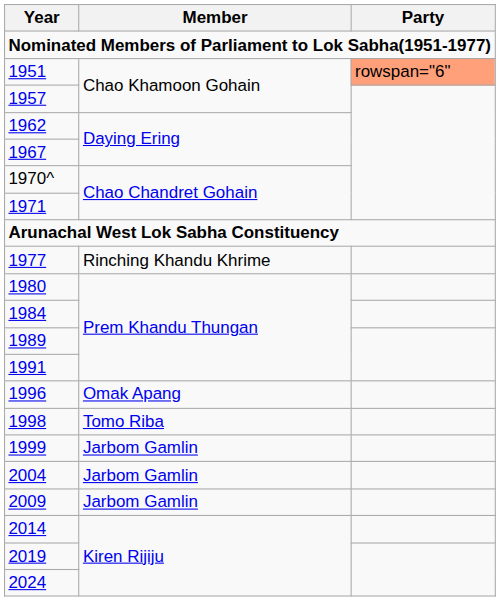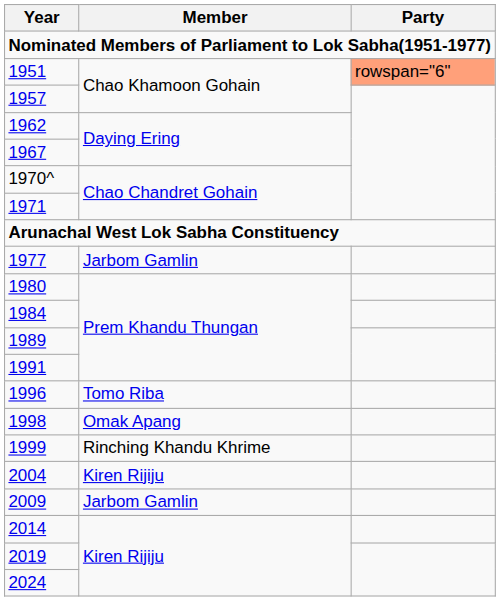 <table class="wikitable">
 <tr>
 <th>Year</th>
 <th>Member</th>
 <th colspan=2>Party</th>
 </tr>
 <tr>
 <td colspan="7"><strong>Nominated Members of Parliament to Lok Sabha(1951-1977)</strong></td>
 </tr>
 <tr>
 <td><a href='#'>1951</a></td>
 <td rowspan="2">Chao Khamoon Gohain</td>
 <td style="background: lightsalmon;">rowspan="6" </td>
 </tr>
 <tr>
 <td><a href='#'>1957</a></td>
 </tr>
 <tr>
 <td><a href='#'>1962</a></td>
 <td rowspan="2"><a href='#'>Daying Ering</a></td>
 </tr>
 <tr>
 <td><a href='#'>1967</a></td>
 </tr>
 <tr>
 <td>1970^</td>
 <td rowspan="2"><a href='#'>Chao Chandret Gohain</a></td>
 </tr>
 <tr>
 <td><a href='#'>1971</a></td>
 </tr>
 <tr>
 <td colspan="7"><strong>Arunachal West Lok Sabha Constituency</strong></td>
 </tr>
 <tr>
 <td><a href='#'>1977</a></td>
-<td>Rinching Khandu Khrime</td>
+<td><a href='#'>Jarbom Gamlin</a></td>
 <td></td>
 </tr>
 <tr>
 <td><a href='#'>1980</a></td>
 <td rowspan="4"><a href='#'>Prem Khandu Thungan</a></td>
 <td></td>
 </tr>
 <tr>
 <td><a href='#'>1984</a></td>
 <td></td>
 </tr>
 <tr>
 <td><a href='#'>1989</a></td>
 </tr>
 <tr>
 <td><a href='#'>1991</a></td>
 </tr>
 <tr>
 <td><a href='#'>1996</a></td>
+<td><a href='#'>Tomo Riba</a></td>
+<td></td>
+</tr>
+<tr>
+<td><a href='#'>1998</a></td>
 <td><a href='#'>Omak Apang</a></td>
 <td></td>
 </tr>
 <tr>
-<td><a href='#'>1998</a></td>
-<td><a href='#'>Tomo Riba</a></td>
-<td></td>
-</tr>
-<tr>
 <td><a href='#'>1999</a></td>
-<td><a href='#'>Jarbom Gamlin</a></td>
+<td>Rinching Khandu Khrime</td>
 <td></td>
 </tr>
 <tr>
 <td><a href='#'>2004</a></td>
-<td><a href='#'>Jarbom Gamlin</a></td>
+<td><a href='#'>Kiren Rijiju</a></td>
 <td></td>
 </tr>
 <tr>
 <td><a href='#'>2009</a></td>
 <td><a href='#'>Jarbom Gamlin</a></td>
 <td></td>
 </tr>
 <tr>
 <td><a href='#'>2014</a></td>
 <td rowspan="3"><a href='#'>Kiren Rijiju</a></td>
 <td></td>
 </tr>
 <tr>
 <td><a href='#'>2019</a></td>
 </tr>
 <tr>
 <td><a href='#'>2024</a></td>
 </tr>
 </table>
